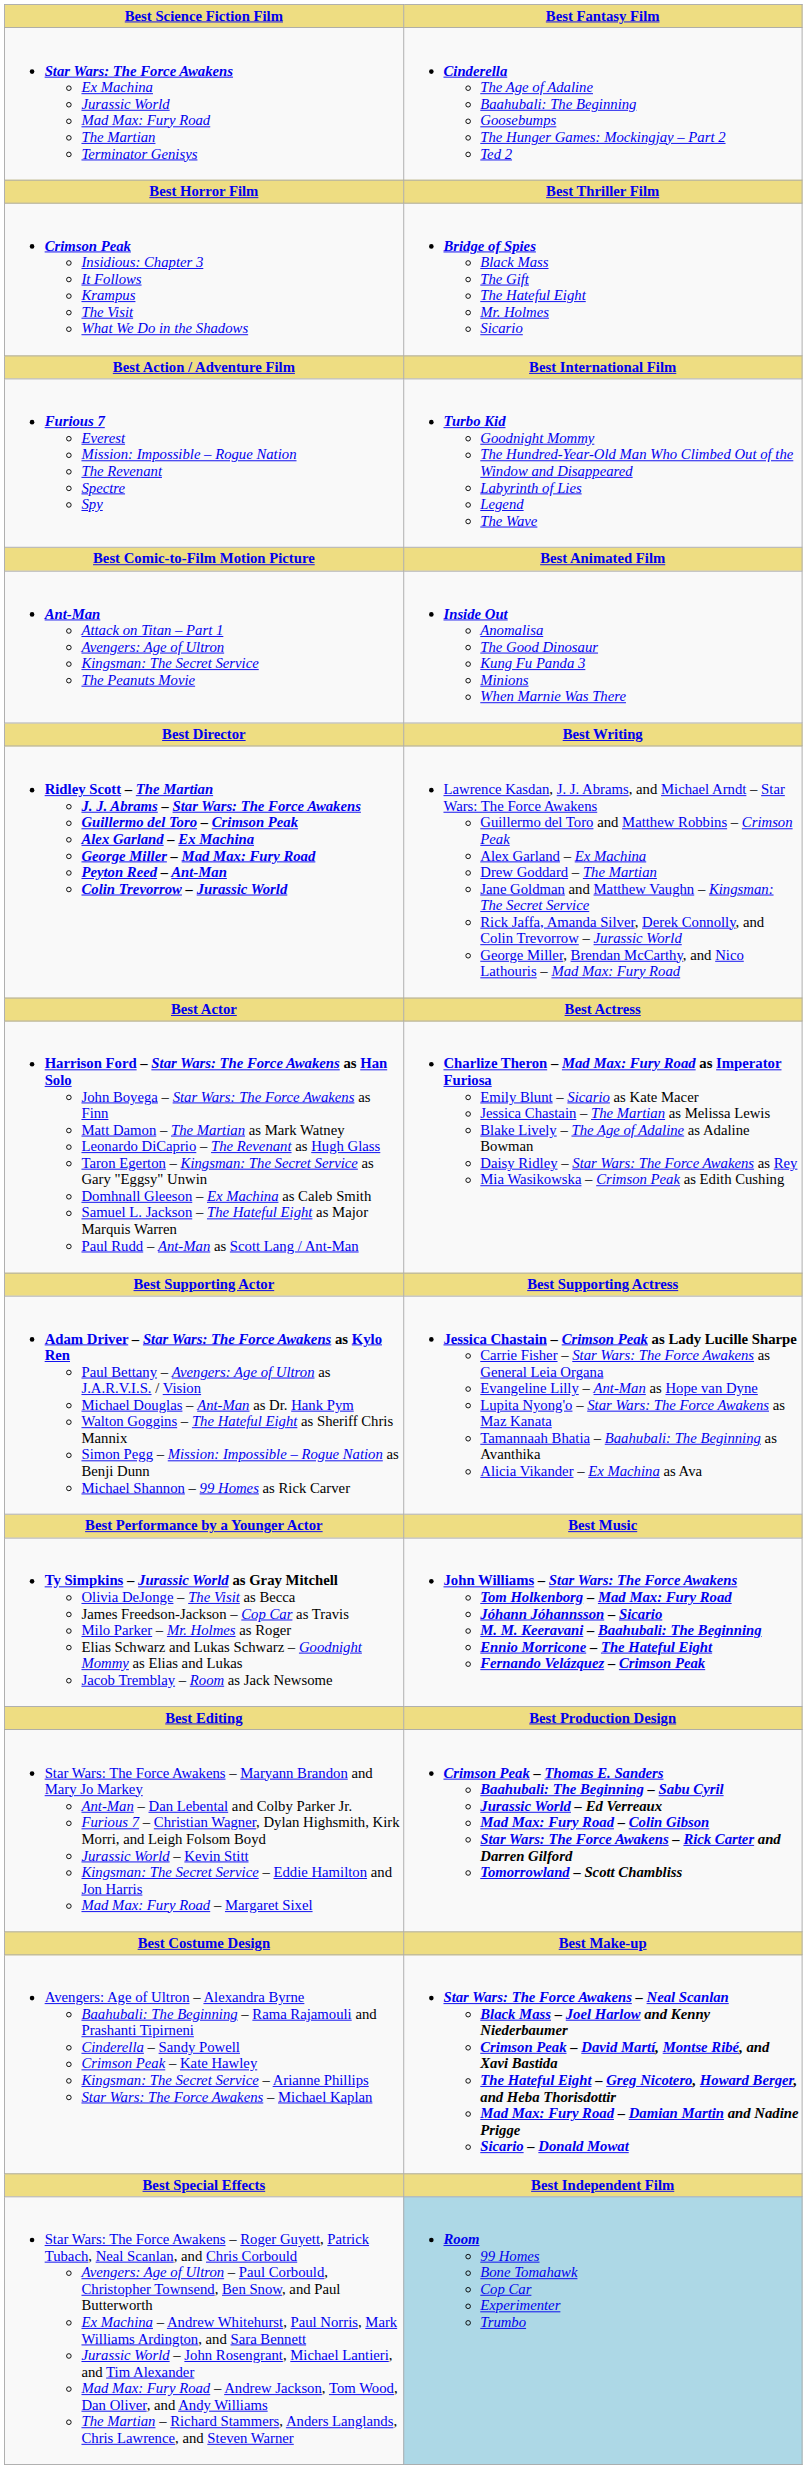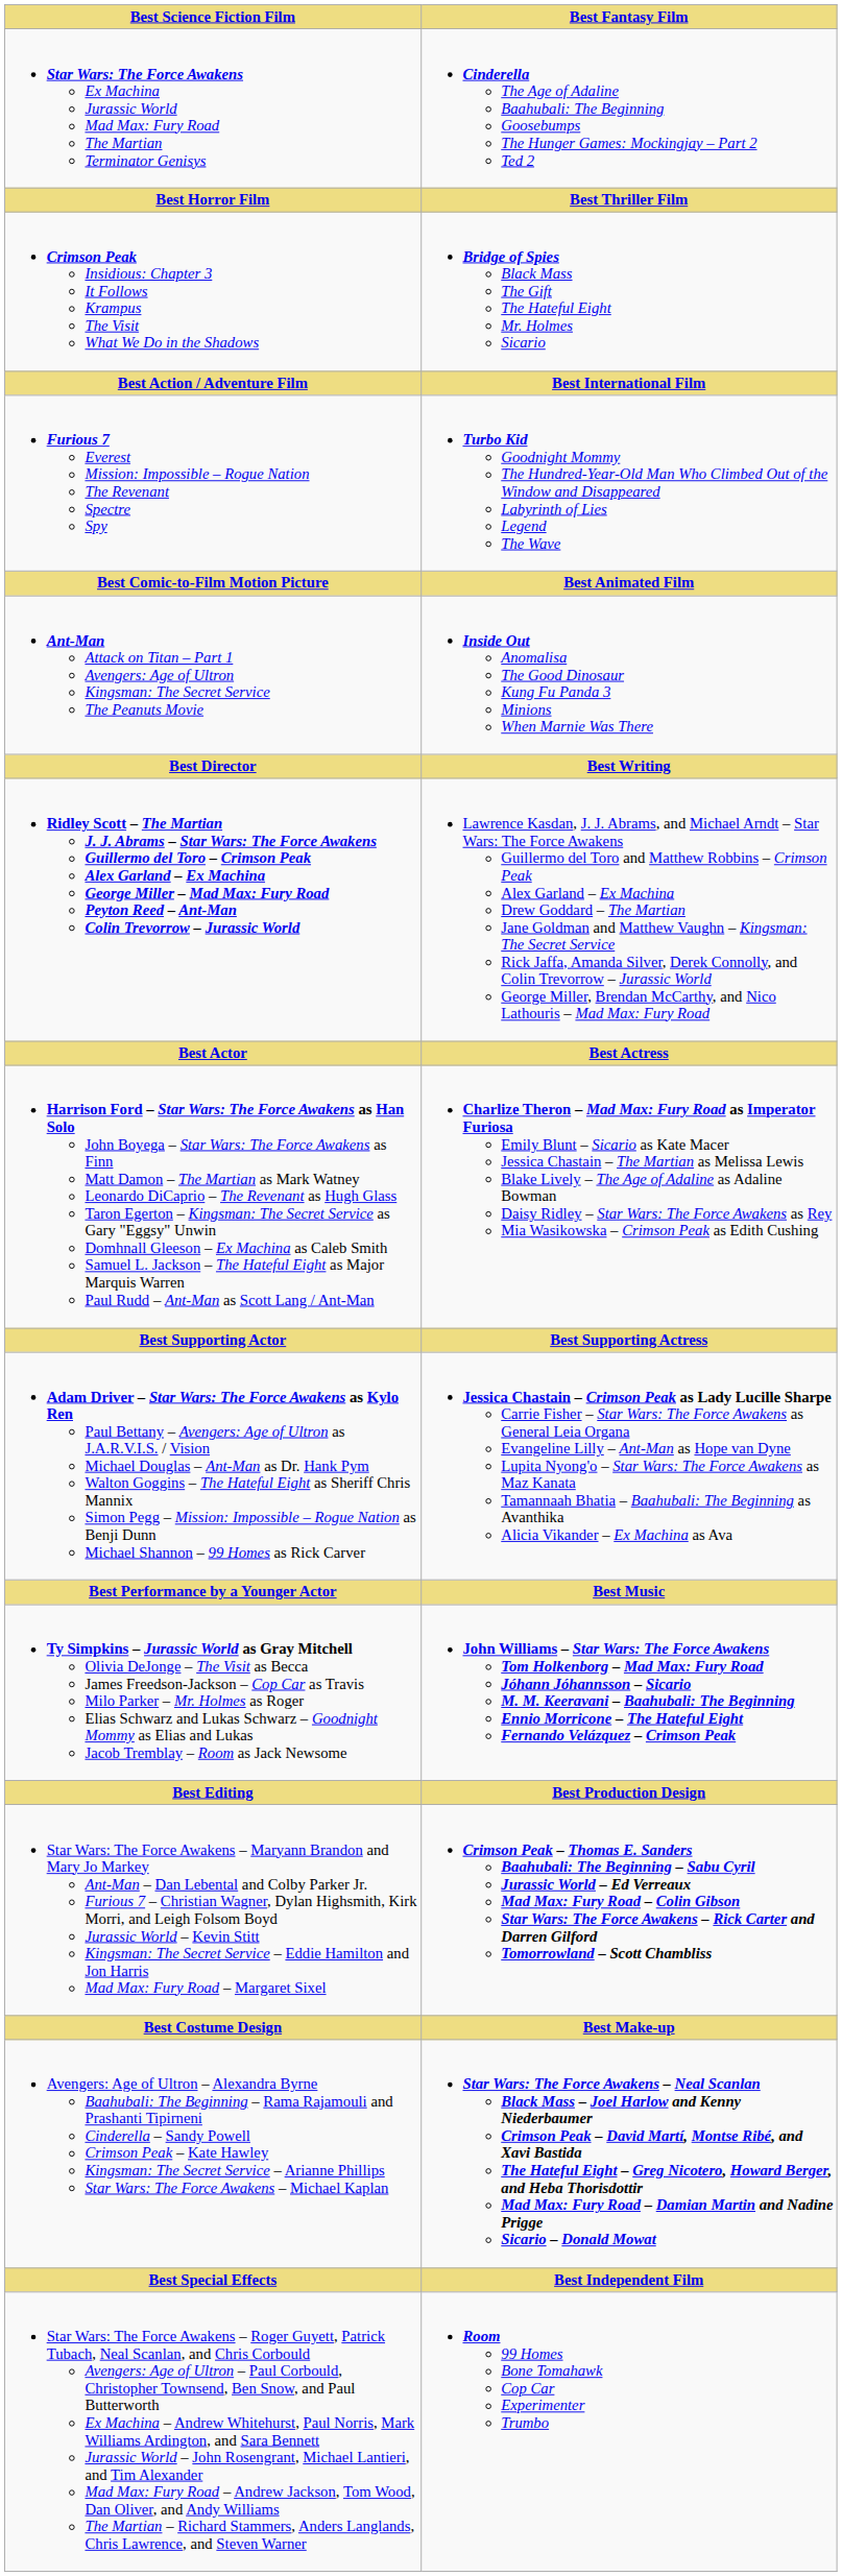 <table class=wikitable>
 <tr>
 <th style="background:#EEDD82; width:50%"><a href='#'>Best Science Fiction Film</a></th>
 <th style="background:#EEDD82; width:50%"><a href='#'>Best Fantasy Film</a></th>
 </tr>
 <tr>
 <td valign="top"><br><ul><li><strong><em><a href='#'>Star Wars: The Force Awakens</a></em></strong><ul><li><em><a href='#'>Ex Machina</a></em></li><li><em><a href='#'>Jurassic World</a></em></li><li><em><a href='#'>Mad Max: Fury Road</a></em></li><li><em><a href='#'>The Martian</a></em></li><li><em><a href='#'>Terminator Genisys</a></em></li></ul></li></ul></td>
 <td valign="top"><br><ul><li><strong><em><a href='#'>Cinderella</a></em></strong><ul><li><em><a href='#'>The Age of Adaline</a></em></li><li><em><a href='#'>Baahubali: The Beginning</a></em></li><li><em><a href='#'>Goosebumps</a></em></li><li><em><a href='#'>The Hunger Games: Mockingjay – Part 2</a></em></li><li><em><a href='#'>Ted 2</a></em></li></ul></li></ul></td>
 </tr>
 <tr>
 <th style="background:#EEDD82; width:50%"><a href='#'>Best Horror Film</a></th>
 <th style="background:#EEDD82; width:50%"><a href='#'>Best Thriller Film</a></th>
 </tr>
 <tr>
 <td valign="top"><br><ul><li><strong><em><a href='#'>Crimson Peak</a></em></strong><ul><li><em><a href='#'>Insidious: Chapter 3</a></em></li><li><em><a href='#'>It Follows</a></em></li><li><em><a href='#'>Krampus</a></em></li><li><em><a href='#'>The Visit</a></em></li><li><em><a href='#'>What We Do in the Shadows</a></em></li></ul></li></ul></td>
 <td valign="top"><br><ul><li><strong><em><a href='#'>Bridge of Spies</a></em></strong><ul><li><em><a href='#'>Black Mass</a></em></li><li><em><a href='#'>The Gift</a></em></li><li><em><a href='#'>The Hateful Eight</a></em></li><li><em><a href='#'>Mr. Holmes</a></em></li><li><em><a href='#'>Sicario</a></em></li></ul></li></ul></td>
 </tr>
 <tr>
 <th style="background:#EEDD82; width:50%"><a href='#'>Best Action / Adventure Film</a></th>
 <th style="background:#EEDD82; width:50%"><a href='#'>Best International Film</a></th>
 </tr>
 <tr>
 <td valign="top"><br><ul><li><strong><em><a href='#'>Furious 7</a></em></strong><ul><li><em><a href='#'>Everest</a></em></li><li><em><a href='#'>Mission: Impossible – Rogue Nation</a></em></li><li><em><a href='#'>The Revenant</a></em></li><li><em><a href='#'>Spectre</a></em></li><li><em><a href='#'>Spy</a></em></li></ul></li></ul></td>
 <td valign="top"><br><ul><li><strong><em><a href='#'>Turbo Kid</a></em></strong><ul><li><em><a href='#'>Goodnight Mommy</a></em></li><li><em><a href='#'>The Hundred-Year-Old Man Who Climbed Out of the Window and Disappeared</a></em></li><li><em><a href='#'>Labyrinth of Lies</a></em></li><li><em><a href='#'>Legend</a></em></li><li><em><a href='#'>The Wave</a></em></li></ul></li></ul></td>
 </tr>
 <tr>
 <th style="background:#EEDD82; width:50%"><a href='#'>Best Comic-to-Film Motion Picture</a></th>
 <th style="background:#EEDD82; width:50%"><a href='#'>Best Animated Film</a></th>
 </tr>
 <tr>
 <td valign="top"><br><ul><li><strong><em><a href='#'>Ant-Man</a></em></strong><ul><li><em><a href='#'>Attack on Titan – Part 1</a></em></li><li><em><a href='#'>Avengers: Age of Ultron</a></em></li><li><em><a href='#'>Kingsman: The Secret Service</a></em></li><li><em><a href='#'>The Peanuts Movie</a></em></li></ul></li></ul></td>
 <td valign="top"><br><ul><li><strong><em><a href='#'>Inside Out</a></em></strong><ul><li><em><a href='#'>Anomalisa</a></em></li><li><em><a href='#'>The Good Dinosaur</a></em></li><li><em><a href='#'>Kung Fu Panda 3</a></em></li><li><em><a href='#'>Minions</a></em></li><li><em><a href='#'>When Marnie Was There</a></em></li></ul></li></ul></td>
 </tr>
 <tr>
 <th style="background:#EEDD82; width:50%"><a href='#'>Best Director</a></th>
 <th style="background:#EEDD82; width:50%"><a href='#'>Best Writing</a></th>
 </tr>
 <tr>
 <td valign="top"><br><ul><li><strong><a href='#'>Ridley Scott</a> – <em><a href='#'>The Martian</a><strong><em><ul><li><a href='#'>J. J. Abrams</a> – </em><a href='#'>Star Wars: The Force Awakens</a><em></li><li><a href='#'>Guillermo del Toro</a> – </em><a href='#'>Crimson Peak</a><em></li><li><a href='#'>Alex Garland</a> – </em><a href='#'>Ex Machina</a><em></li><li><a href='#'>George Miller</a> – </em><a href='#'>Mad Max: Fury Road</a><em></li><li><a href='#'>Peyton Reed</a> – </em><a href='#'>Ant-Man</a><em></li><li><a href='#'>Colin Trevorrow</a> – </em><a href='#'>Jurassic World</a><em></li></ul></li></ul></td>
 <td valign="top"><br><ul><li></strong><a href='#'>Lawrence Kasdan</a>, <a href='#'>J. J. Abrams</a>, and <a href='#'>Michael Arndt</a> – </em><a href='#'>Star Wars: The Force Awakens</a></em></strong><ul><li><a href='#'>Guillermo del Toro</a> and <a href='#'>Matthew Robbins</a> – <em><a href='#'>Crimson Peak</a></em></li><li><a href='#'>Alex Garland</a> – <em><a href='#'>Ex Machina</a></em></li><li><a href='#'>Drew Goddard</a> – <em><a href='#'>The Martian</a></em></li><li><a href='#'>Jane Goldman</a> and <a href='#'>Matthew Vaughn</a> – <em><a href='#'>Kingsman: The Secret Service</a></em></li><li><a href='#'>Rick Jaffa, Amanda Silver</a>, <a href='#'>Derek Connolly</a>, and <a href='#'>Colin Trevorrow</a> – <em><a href='#'>Jurassic World</a></em></li><li><a href='#'>George Miller</a>, <a href='#'>Brendan McCarthy</a>, and <a href='#'>Nico Lathouris</a> – <em><a href='#'>Mad Max: Fury Road</a></em></li></ul></li></ul></td>
 </tr>
 <tr>
 <th style="background:#EEDD82; width:50%"><a href='#'>Best Actor</a></th>
 <th style="background:#EEDD82; width:50%"><a href='#'>Best Actress</a></th>
 </tr>
 <tr>
 <td valign="top"><br><ul><li><strong><a href='#'>Harrison Ford</a> – <em><a href='#'>Star Wars: The Force Awakens</a></em> as <a href='#'>Han Solo</a></strong><ul><li><a href='#'>John Boyega</a> – <em><a href='#'>Star Wars: The Force Awakens</a></em> as <a href='#'>Finn</a></li><li><a href='#'>Matt Damon</a> – <em><a href='#'>The Martian</a></em> as Mark Watney</li><li><a href='#'>Leonardo DiCaprio</a> – <em><a href='#'>The Revenant</a></em> as <a href='#'>Hugh Glass</a></li><li><a href='#'>Taron Egerton</a> – <em><a href='#'>Kingsman: The Secret Service</a></em> as Gary "Eggsy" Unwin</li><li><a href='#'>Domhnall Gleeson</a> – <em><a href='#'>Ex Machina</a></em> as Caleb Smith</li><li><a href='#'>Samuel L. Jackson</a> – <em><a href='#'>The Hateful Eight</a></em> as Major Marquis Warren</li><li><a href='#'>Paul Rudd</a> – <em><a href='#'>Ant-Man</a></em> as <a href='#'>Scott Lang / Ant-Man</a></li></ul></li></ul></td>
 <td valign="top"><br><ul><li><strong><a href='#'>Charlize Theron</a> – <em><a href='#'>Mad Max: Fury Road</a></em> as <a href='#'>Imperator Furiosa</a></strong><ul><li><a href='#'>Emily Blunt</a> – <em><a href='#'>Sicario</a></em> as Kate Macer</li><li><a href='#'>Jessica Chastain</a> – <em><a href='#'>The Martian</a></em> as Melissa Lewis</li><li><a href='#'>Blake Lively</a> – <em><a href='#'>The Age of Adaline</a></em> as Adaline Bowman</li><li><a href='#'>Daisy Ridley</a> – <em><a href='#'>Star Wars: The Force Awakens</a></em> as <a href='#'>Rey</a></li><li><a href='#'>Mia Wasikowska</a> – <em><a href='#'>Crimson Peak</a></em> as Edith Cushing</li></ul></li></ul></td>
 </tr>
 <tr>
 <th style="background:#EEDD82; width:50%"><a href='#'>Best Supporting Actor</a></th>
 <th style="background:#EEDD82; width:50%"><a href='#'>Best Supporting Actress</a></th>
 </tr>
 <tr>
 <td valign="top"><br><ul><li><strong><a href='#'>Adam Driver</a> – <em><a href='#'>Star Wars: The Force Awakens</a></em> as <a href='#'>Kylo Ren</a></strong><ul><li><a href='#'>Paul Bettany</a> – <em><a href='#'>Avengers: Age of Ultron</a></em> as <a href='#'>J.A.R.V.I.S.</a> / <a href='#'>Vision</a></li><li><a href='#'>Michael Douglas</a> – <em><a href='#'>Ant-Man</a></em> as Dr. <a href='#'>Hank Pym</a></li><li><a href='#'>Walton Goggins</a> – <em><a href='#'>The Hateful Eight</a></em> as Sheriff Chris Mannix</li><li><a href='#'>Simon Pegg</a> – <em><a href='#'>Mission: Impossible – Rogue Nation</a></em> as Benji Dunn</li><li><a href='#'>Michael Shannon</a> – <em><a href='#'>99 Homes</a></em> as Rick Carver</li></ul></li></ul></td>
 <td valign="top"><br><ul><li><strong><a href='#'>Jessica Chastain</a> – <em><a href='#'>Crimson Peak</a></em> as Lady Lucille Sharpe</strong><ul><li><a href='#'>Carrie Fisher</a> – <em><a href='#'>Star Wars: The Force Awakens</a></em> as <a href='#'>General Leia Organa</a></li><li><a href='#'>Evangeline Lilly</a> – <em><a href='#'>Ant-Man</a></em> as <a href='#'>Hope van Dyne</a></li><li><a href='#'>Lupita Nyong'o</a> – <em><a href='#'>Star Wars: The Force Awakens</a></em> as <a href='#'>Maz Kanata</a></li><li><a href='#'>Tamannaah Bhatia</a> – <em><a href='#'>Baahubali: The Beginning</a></em> as Avanthika</li><li><a href='#'>Alicia Vikander</a> – <em><a href='#'>Ex Machina</a></em> as Ava</li></ul></li></ul></td>
 </tr>
 <tr>
 <th style="background:#EEDD82; width:50%"><a href='#'>Best Performance by a Younger Actor</a></th>
 <th style="background:#EEDD82; width:50%"><a href='#'>Best Music</a></th>
 </tr>
 <tr>
 <td valign="top"><br><ul><li><strong><a href='#'>Ty Simpkins</a> – <em><a href='#'>Jurassic World</a></em> as Gray Mitchell</strong><ul><li><a href='#'>Olivia DeJonge</a> – <em><a href='#'>The Visit</a></em> as Becca</li><li>James Freedson-Jackson – <em><a href='#'>Cop Car</a></em> as Travis</li><li><a href='#'>Milo Parker</a> – <em><a href='#'>Mr. Holmes</a></em> as Roger</li><li>Elias Schwarz and Lukas Schwarz – <em><a href='#'>Goodnight Mommy</a></em> as Elias and Lukas</li><li><a href='#'>Jacob Tremblay</a> – <em><a href='#'>Room</a></em> as Jack Newsome</li></ul></li></ul></td>
 <td valign="top"><br><ul><li><strong><a href='#'>John Williams</a> – <em><a href='#'>Star Wars: The Force Awakens</a><strong><em><ul><li><a href='#'>Tom Holkenborg</a> – </em><a href='#'>Mad Max: Fury Road</a><em></li><li><a href='#'>Jóhann Jóhannsson</a> – </em><a href='#'>Sicario</a><em></li><li><a href='#'>M. M. Keeravani</a> – </em><a href='#'>Baahubali: The Beginning</a><em></li><li><a href='#'>Ennio Morricone</a> – </em><a href='#'>The Hateful Eight</a><em></li><li><a href='#'>Fernando Velázquez</a> – </em><a href='#'>Crimson Peak</a><em></li></ul></li></ul></td>
 </tr>
 <tr>
 <th style="background:#EEDD82; width:50%"><a href='#'>Best Editing</a></th>
 <th style="background:#EEDD82; width:50%"><a href='#'>Best Production Design</a></th>
 </tr>
 <tr>
 <td valign="top"><br><ul><li></em></strong><a href='#'>Star Wars: The Force Awakens</a></em> – <a href='#'>Maryann Brandon</a> and <a href='#'>Mary Jo Markey</a></strong><ul><li><em><a href='#'>Ant-Man</a></em> – <a href='#'>Dan Lebental</a> and Colby Parker Jr.</li><li><em><a href='#'>Furious 7</a></em> – <a href='#'>Christian Wagner</a>, Dylan Highsmith, Kirk Morri, and Leigh Folsom Boyd</li><li><em><a href='#'>Jurassic World</a></em> – <a href='#'>Kevin Stitt</a></li><li><em><a href='#'>Kingsman: The Secret Service</a></em> – <a href='#'>Eddie Hamilton</a> and <a href='#'>Jon Harris</a></li><li><em><a href='#'>Mad Max: Fury Road</a></em> – <a href='#'>Margaret Sixel</a></li></ul></li></ul></td>
 <td valign="top"><br><ul><li><strong><em><a href='#'>Crimson Peak</a><em> – <a href='#'>Thomas E. Sanders</a><strong><ul><li></em><a href='#'>Baahubali: The Beginning</a><em> – <a href='#'>Sabu Cyril</a></li><li></em><a href='#'>Jurassic World</a><em> – Ed Verreaux</li><li></em><a href='#'>Mad Max: Fury Road</a><em> – <a href='#'>Colin Gibson</a></li><li></em><a href='#'>Star Wars: The Force Awakens</a><em> – <a href='#'>Rick Carter</a> and Darren Gilford</li><li></em><a href='#'>Tomorrowland</a><em> – Scott Chambliss</li></ul></li></ul></td>
 </tr>
 <tr>
 <th style="background:#EEDD82; width:50%"><a href='#'>Best Costume Design</a></th>
 <th style="background:#EEDD82; width:50%"><a href='#'>Best Make-up</a></th>
 </tr>
 <tr>
 <td valign="top"><br><ul><li></em></strong><a href='#'>Avengers: Age of Ultron</a></em> – <a href='#'>Alexandra Byrne</a></strong><ul><li><em><a href='#'>Baahubali: The Beginning</a></em> – <a href='#'>Rama Rajamouli</a> and <a href='#'>Prashanti Tipirneni</a></li><li><em><a href='#'>Cinderella</a></em> – <a href='#'>Sandy Powell</a></li><li><em><a href='#'>Crimson Peak</a></em> – <a href='#'>Kate Hawley</a></li><li><em><a href='#'>Kingsman: The Secret Service</a></em> – <a href='#'>Arianne Phillips</a></li><li><em><a href='#'>Star Wars: The Force Awakens</a></em> – <a href='#'>Michael Kaplan</a></li></ul></li></ul></td>
 <td valign="top"><br><ul><li><strong><em><a href='#'>Star Wars: The Force Awakens</a><em> – <a href='#'>Neal Scanlan</a><strong><ul><li></em><a href='#'>Black Mass</a><em> – <a href='#'>Joel Harlow</a> and Kenny Niederbaumer</li><li></em><a href='#'>Crimson Peak</a><em> – <a href='#'>David Martí</a>, <a href='#'>Montse Ribé</a>, and Xavi Bastida</li><li></em><a href='#'>The Hateful Eight</a><em> – <a href='#'>Greg Nicotero</a>, <a href='#'>Howard Berger</a>, and Heba Thorisdottir</li><li></em><a href='#'>Mad Max: Fury Road</a><em> – <a href='#'>Damian Martin</a> and Nadine Prigge</li><li></em><a href='#'>Sicario</a><em> – <a href='#'>Donald Mowat</a></li></ul></li></ul></td>
 </tr>
 <tr>
 <th style="background:#EEDD82; width:50%"><a href='#'>Best Special Effects</a></th>
 <th style="background:#EEDD82; width:50%"><a href='#'>Best Independent Film</a></th>
 </tr>
 <tr>
 <td valign="top"><br><ul><li></em></strong><a href='#'>Star Wars: The Force Awakens</a></em> – <a href='#'>Roger Guyett</a>, <a href='#'>Patrick Tubach</a>, <a href='#'>Neal Scanlan</a>, and <a href='#'>Chris Corbould</a></strong><ul><li><em><a href='#'>Avengers: Age of Ultron</a></em> – <a href='#'>Paul Corbould</a>, <a href='#'>Christopher Townsend</a>, <a href='#'>Ben Snow</a>, and Paul Butterworth</li><li><em><a href='#'>Ex Machina</a></em> – <a href='#'>Andrew Whitehurst</a>, <a href='#'>Paul Norris</a>, <a href='#'>Mark Williams Ardington</a>, and <a href='#'>Sara Bennett</a></li><li><em><a href='#'>Jurassic World</a></em> – <a href='#'>John Rosengrant</a>, <a href='#'>Michael Lantieri</a>, and <a href='#'>Tim Alexander</a></li><li><em><a href='#'>Mad Max: Fury Road</a></em> – <a href='#'>Andrew Jackson</a>, <a href='#'>Tom Wood</a>, <a href='#'>Dan Oliver</a>, and <a href='#'>Andy Williams</a></li><li><em><a href='#'>The Martian</a></em> – <a href='#'>Richard Stammers</a>, <a href='#'>Anders Langlands</a>, <a href='#'>Chris Lawrence</a>, and <a href='#'>Steven Warner</a></li></ul></li></ul></td>
-<td valign="top" style="background: lightblue;"><br><ul><li><strong><em><a href='#'>Room</a></em></strong><ul><li><em><a href='#'>99 Homes</a></em></li><li><em><a href='#'>Bone Tomahawk</a></em></li><li><em><a href='#'>Cop Car</a></em></li><li><em><a href='#'>Experimenter</a></em></li><li><em><a href='#'>Trumbo</a></em></li></ul></li></ul></td>
+<td valign="top"><br><ul><li><strong><em><a href='#'>Room</a></em></strong><ul><li><em><a href='#'>99 Homes</a></em></li><li><em><a href='#'>Bone Tomahawk</a></em></li><li><em><a href='#'>Cop Car</a></em></li><li><em><a href='#'>Experimenter</a></em></li><li><em><a href='#'>Trumbo</a></em></li></ul></li></ul></td>
 </tr>
 </table>
